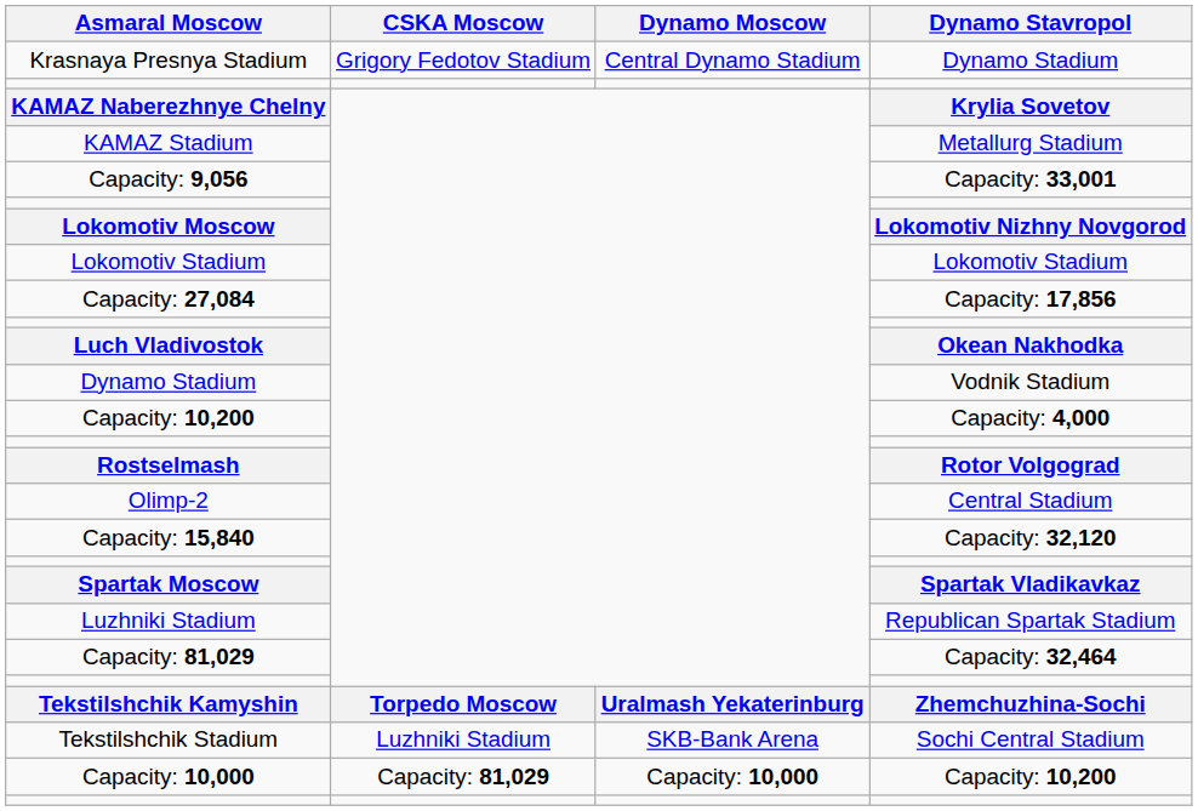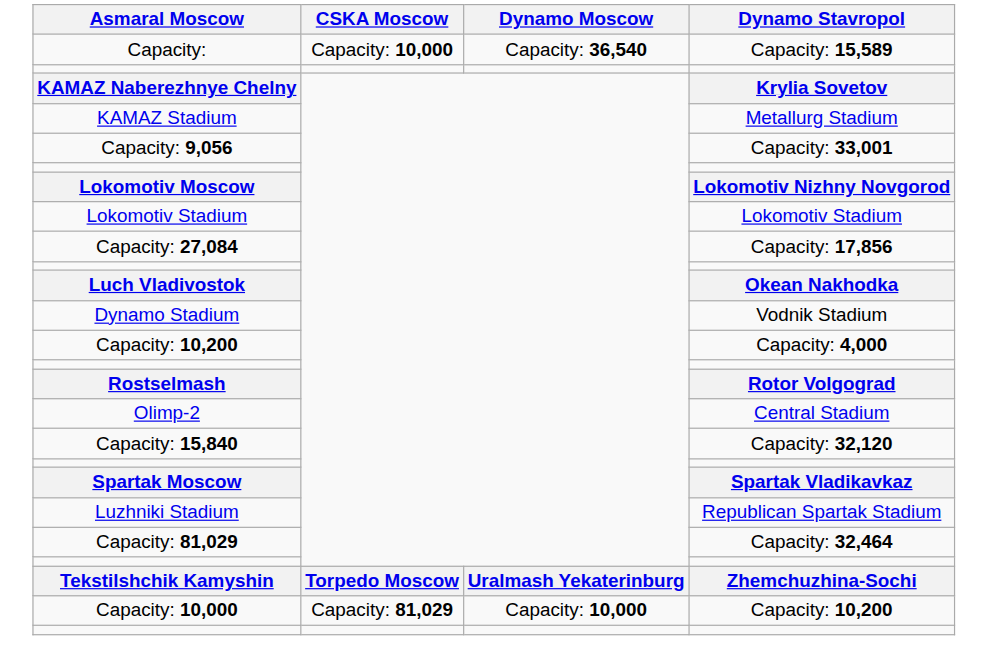 <table class="wikitable" style="margin:1em auto; text-align:center;">
 <tr>
 <th><a href='#'>Asmaral Moscow</a></th>
 <th><a href='#'>CSKA Moscow</a></th>
 <th><a href='#'>Dynamo Moscow</a></th>
 <th><a href='#'>Dynamo Stavropol</a></th>
 </tr>
 <tr>
-<td>Krasnaya Presnya Stadium</td>
-<td><a href='#'>Grigory Fedotov Stadium</a></td>
-<td><a href='#'>Central Dynamo Stadium</a></td>
-<td><a href='#'>Dynamo Stadium</a></td>
+<td>Capacity: <strong> </strong></td>
+<td>Capacity: <strong>10,000</strong></td>
+<td>Capacity: <strong>36,540</strong></td>
+<td>Capacity: <strong>15,589</strong></td>
 </tr>
 <tr>
 <td></td>
 <td></td>
 <td></td>
 <td></td>
 </tr>
 <tr>
 <th><a href='#'>KAMAZ Naberezhnye Chelny</a></th>
 <td colspan="2" rowspan="20"><br>  </td>
 <th><a href='#'>Krylia Sovetov</a></th>
 </tr>
 <tr>
 <td><a href='#'>KAMAZ Stadium</a></td>
 <td><a href='#'>Metallurg Stadium</a></td>
 </tr>
 <tr>
 <td>Capacity: <strong>9,056</strong></td>
 <td>Capacity: <strong>33,001</strong></td>
 </tr>
 <tr>
 <td></td>
 <td></td>
 </tr>
 <tr>
 <th><a href='#'>Lokomotiv Moscow</a></th>
 <th><a href='#'>Lokomotiv Nizhny Novgorod</a></th>
 </tr>
 <tr>
 <td><a href='#'>Lokomotiv Stadium</a></td>
 <td><a href='#'>Lokomotiv Stadium</a></td>
 </tr>
 <tr>
 <td>Capacity: <strong>27,084</strong></td>
 <td>Capacity: <strong>17,856</strong></td>
 </tr>
 <tr>
 <td></td>
 <td></td>
 </tr>
 <tr>
 <th><a href='#'>Luch Vladivostok</a></th>
 <th><a href='#'>Okean Nakhodka</a></th>
 </tr>
 <tr>
 <td><a href='#'>Dynamo Stadium</a></td>
 <td>Vodnik Stadium</td>
 </tr>
 <tr>
 <td>Capacity: <strong>10,200</strong></td>
 <td>Capacity: <strong>4,000</strong></td>
 </tr>
 <tr>
 <td></td>
 <td></td>
 </tr>
 <tr>
 <th><a href='#'>Rostselmash</a></th>
 <th><a href='#'>Rotor Volgograd</a></th>
 </tr>
 <tr>
 <td><a href='#'>Olimp-2</a></td>
 <td><a href='#'>Central Stadium</a></td>
 </tr>
 <tr>
 <td>Capacity: <strong>15,840</strong></td>
 <td>Capacity: <strong>32,120</strong></td>
 </tr>
 <tr>
 <td></td>
 <td></td>
 </tr>
 <tr>
 <th><a href='#'>Spartak Moscow</a></th>
 <th><a href='#'>Spartak Vladikavkaz</a></th>
 </tr>
 <tr>
 <td><a href='#'>Luzhniki Stadium</a></td>
 <td><a href='#'>Republican Spartak Stadium</a></td>
 </tr>
 <tr>
 <td>Capacity: <strong>81,029</strong></td>
 <td>Capacity: <strong>32,464</strong></td>
 </tr>
 <tr>
 <td></td>
 <td></td>
 </tr>
 <tr>
 <th><a href='#'>Tekstilshchik Kamyshin</a></th>
 <th><a href='#'>Torpedo Moscow</a></th>
 <th><a href='#'>Uralmash Yekaterinburg</a></th>
 <th><a href='#'>Zhemchuzhina-Sochi</a></th>
 </tr>
 <tr>
-<td>Tekstilshchik Stadium</td>
-<td><a href='#'>Luzhniki Stadium</a></td>
-<td><a href='#'>SKB-Bank Arena</a></td>
-<td><a href='#'>Sochi Central Stadium</a></td>
-</tr>
-<tr>
 <td>Capacity: <strong>10,000</strong></td>
 <td>Capacity: <strong>81,029</strong></td>
 <td>Capacity: <strong>10,000</strong></td>
 <td>Capacity: <strong>10,200</strong></td>
 </tr>
 <tr>
 <td></td>
 <td></td>
 <td></td>
 <td></td>
 </tr>
 </table>
